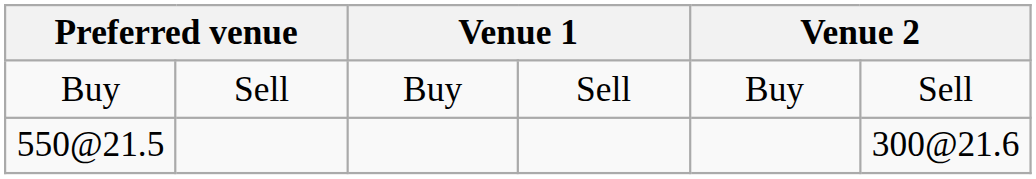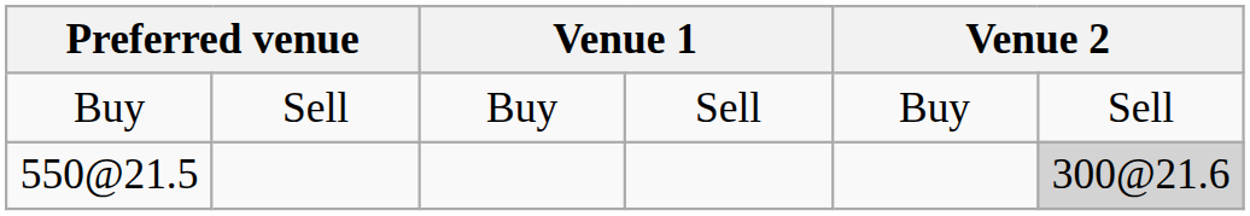 <table class="wikitable" style="text-align:center">
 <tr>
 <th colspan="2">Preferred venue</th>
 <th colspan="2">Venue 1</th>
 <th colspan="2">Venue 2</th>
 </tr>
 <tr>
 <td>Buy</td>
 <td>Sell</td>
 <td>Buy</td>
 <td>Sell</td>
 <td>Buy</td>
 <td>Sell</td>
 </tr>
 <tr>
 <td style="width:70px">550@21.5</td>
 <td style="width:70px"></td>
 <td style="width:70px"></td>
 <td style="width:70px"></td>
 <td style="width:70px"></td>
-<td style="width:70px">300@21.6</td>
+<td style="background: lightgrey; width:70px">300@21.6</td>
 </tr>
 </table>
